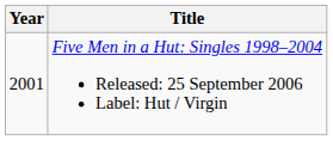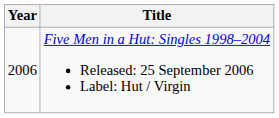 <table class="wikitable">
 <tr>
 <th>Year</th>
 <th>Title</th>
 </tr>
 <tr>
-<td>2001</td>
+<td>2006</td>
 <td><em><a href='#'>Five Men in a Hut: Singles 1998–2004</a></em><br><ul><li>Released: 25 September 2006</li><li>Label: Hut / Virgin</li></ul></td>
 </tr>
 </table>
